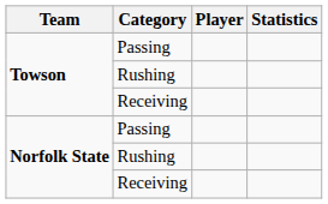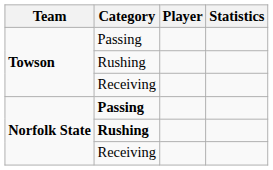 <table class="wikitable" style="float: right;">
 <tr>
 <th>Team</th>
 <th>Category</th>
 <th>Player</th>
 <th>Statistics</th>
 </tr>
 <tr>
 <td rowspan=3><strong>Towson</strong></td>
 <td>Passing</td>
 <td></td>
 <td></td>
 </tr>
 <tr>
 <td>Rushing</td>
 <td></td>
 <td></td>
 </tr>
 <tr>
 <td>Receiving</td>
 <td></td>
 <td></td>
 </tr>
 <tr>
 <td rowspan=3><strong>Norfolk State</strong></td>
-<td>Passing</td>
+<td><strong>Passing</strong></td>
 <td></td>
 <td></td>
 </tr>
 <tr>
-<td>Rushing</td>
+<td><strong>Rushing</strong></td>
 <td></td>
 <td></td>
 </tr>
 <tr>
 <td>Receiving</td>
 <td></td>
 <td></td>
 </tr>
 </table>
